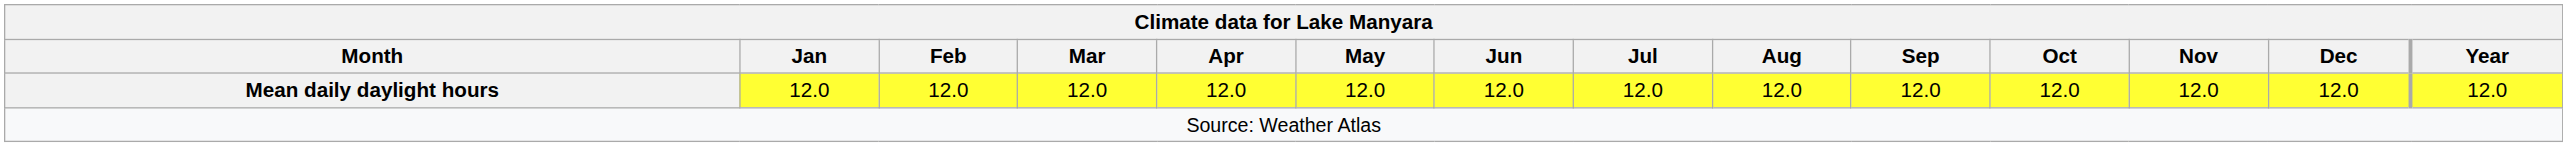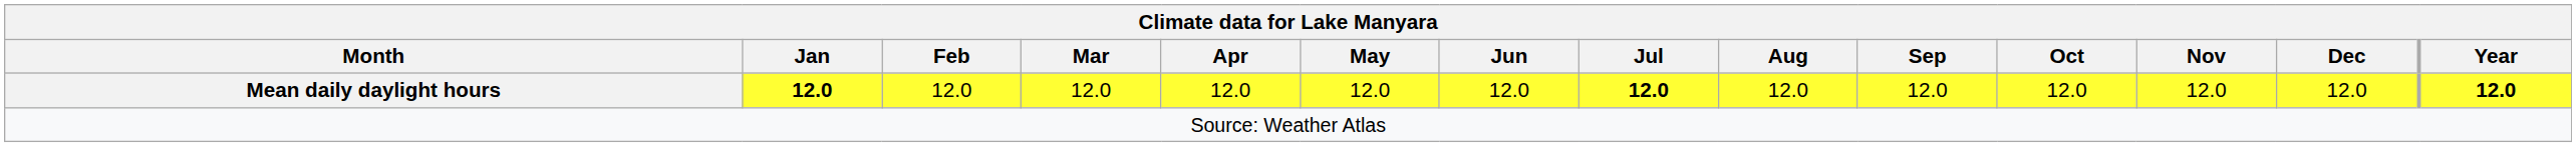 <table style="width:100%;text-align:center;line-height:1.2em;margin-left:auto;margin-right:auto" class="wikitable mw-collapsible">
 <tr>
 <th Colspan=14>Climate data for Lake Manyara</th>
 </tr>
 <tr>
 <th>Month</th>
 <th>Jan</th>
 <th>Feb</th>
 <th>Mar</th>
 <th>Apr</th>
 <th>May</th>
 <th>Jun</th>
 <th>Jul</th>
 <th>Aug</th>
 <th>Sep</th>
 <th>Oct</th>
 <th>Nov</th>
 <th>Dec</th>
 <th style="border-left-width:medium">Year</th>
 </tr>
 <tr>
 <th>Mean daily daylight hours</th>
+<td style="background:#FFFF33;color:#000000;"><strong>12.0</strong></td>
 <td style="background:#FFFF33;color:#000000;">12.0</td>
 <td style="background:#FFFF33;color:#000000;">12.0</td>
 <td style="background:#FFFF33;color:#000000;">12.0</td>
 <td style="background:#FFFF33;color:#000000;">12.0</td>
 <td style="background:#FFFF33;color:#000000;">12.0</td>
+<td style="background:#FFFF33;color:#000000;"><strong>12.0</strong></td>
 <td style="background:#FFFF33;color:#000000;">12.0</td>
 <td style="background:#FFFF33;color:#000000;">12.0</td>
 <td style="background:#FFFF33;color:#000000;">12.0</td>
 <td style="background:#FFFF33;color:#000000;">12.0</td>
 <td style="background:#FFFF33;color:#000000;">12.0</td>
-<td style="background:#FFFF33;color:#000000;">12.0</td>
-<td style="background:#FFFF33;color:#000000;">12.0</td>
-<td style="background:#FFFF33;color:#000000;border-left-width:medium">12.0</td>
+<td style="background:#FFFF33;color:#000000;border-left-width:medium"><strong>12.0</strong></td>
 </tr>
 <tr>
 <th Colspan=14 style="background:#f8f9fa;font-weight:normal;font-size:95%;">Source: Weather Atlas</th>
 </tr>
 </table>
